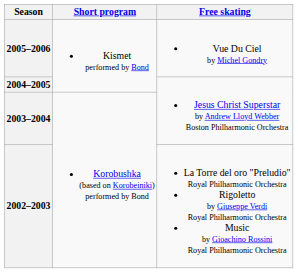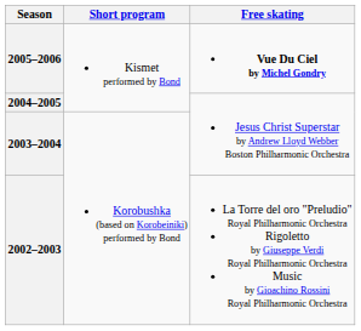 <table class=wikitable style=text-align:center>
 <tr>
 <th>Season</th>
 <th><a href='#'>Short program</a></th>
 <th><a href='#'>Free skating</a></th>
 </tr>
 <tr>
 <th>2005–2006 <br> </th>
 <td rowspan="2"><br><ul><li>Kismet <br><small> performed by <a href='#'>Bond</a> </small></li></ul></td>
-<td><br><ul><li>Vue Du Ciel <br><small> by <a href='#'>Michel Gondry</a> </small></li></ul></td>
+<td><strong><br><ul><li>Vue Du Ciel <br><small> by <a href='#'>Michel Gondry</a> </small></li></ul></strong></td>
 </tr>
 <tr>
 <th>2004–2005 <br> </th>
 <td rowspan="2"><br><ul><li><a href='#'>Jesus Christ Superstar</a> <br><small> by <a href='#'>Andrew Lloyd Webber</a> <br> Boston Philharmonic Orchestra </small></li></ul></td>
 </tr>
 <tr>
 <th>2003–2004 <br> </th>
 <td rowspan="2"><br><ul><li><a href='#'>Korobushka</a> <br><small> (based on <a href='#'>Korobeiniki</a>) <br> performed by Bond </small></li></ul></td>
 </tr>
 <tr>
 <th>2002–2003 <br> </th>
 <td><br><ul><li>La Torre del oro "Preludio" <br><small> Royal Philharmonic Orchestra </small></li><li>Rigoletto <br><small> by <a href='#'>Giuseppe Verdi</a> <br> Royal Philharmonic Orchestra </small></li><li>Music <br><small> by <a href='#'>Gioachino Rossini</a> <br> Royal Philharmonic Orchestra </small></li></ul></td>
 </tr>
 </table>
